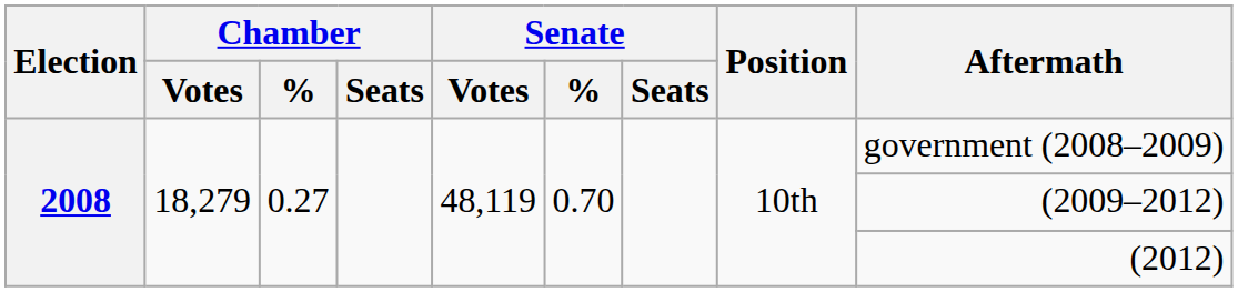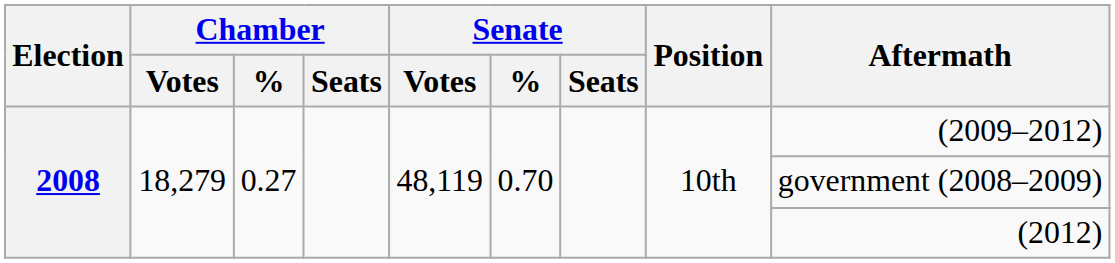 <table class="wikitable" style="text-align: right;">
 <tr>
 <th rowspan="2">Election</th>
 <th colspan="3"><a href='#'>Chamber</a></th>
 <th colspan="3"><a href='#'>Senate</a></th>
 <th rowspan="2">Position</th>
 <th rowspan="2">Aftermath</th>
 </tr>
 <tr>
 <th>Votes</th>
 <th>%</th>
 <th>Seats</th>
 <th>Votes</th>
 <th>%</th>
 <th>Seats</th>
 </tr>
 <tr>
 <th rowspan=3><a href='#'>2008</a></th>
 <td rowspan=3>18,279</td>
 <td rowspan=3>0.27</td>
 <td rowspan=3></td>
 <td rowspan=3>48,119</td>
 <td rowspan=3>0.70</td>
 <td rowspan=3></td>
 <td rowspan=3; style="text-align: center;">10th</td>
-<td> government (2008–2009)</td>
+<td> (2009–2012)</td>
 </tr>
 <tr>
-<td> (2009–2012)</td>
+<td> government (2008–2009)</td>
 </tr>
 <tr>
 <td> (2012)</td>
 </tr>
 </table>
